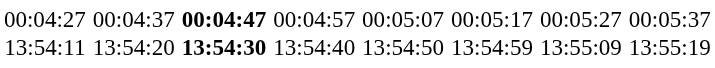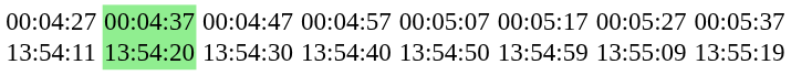 <table align="center">
 <tr>
 <td></td>
 <td></td>
 <td></td>
 <td></td>
 <td></td>
 <td></td>
 <td></td>
 <td></td>
 </tr>
 <tr align="center" style="font-size:smaller;">
 <td>00:04:27<br>13:54:11</td>
-<td>00:04:37<br>13:54:20</td>
-<td><strong>00:04:47<br>13:54:30</strong></td>
+<td style="background: lightgreen;">00:04:37<br>13:54:20</td>
+<td>00:04:47<br>13:54:30</td>
 <td>00:04:57<br>13:54:40</td>
 <td>00:05:07<br>13:54:50</td>
 <td>00:05:17<br>13:54:59</td>
 <td>00:05:27<br>13:55:09</td>
 <td>00:05:37<br>13:55:19</td>
 </tr>
 </table>
